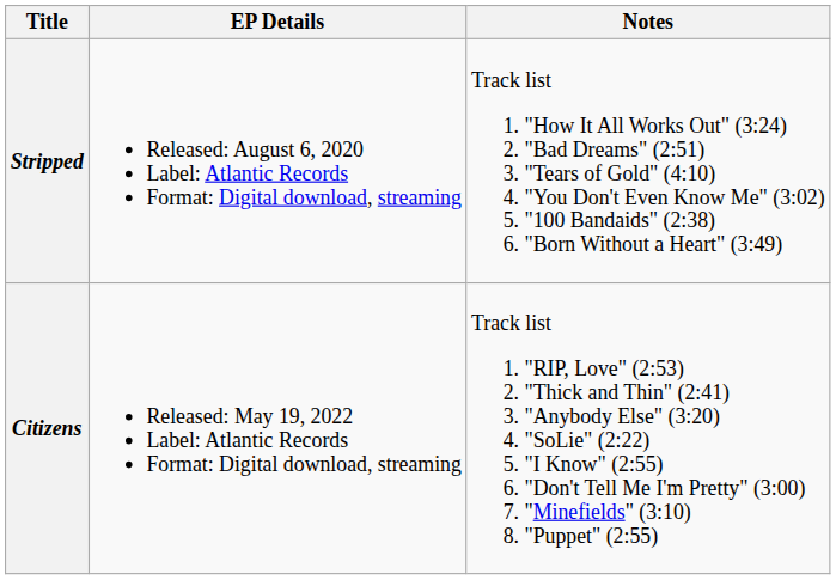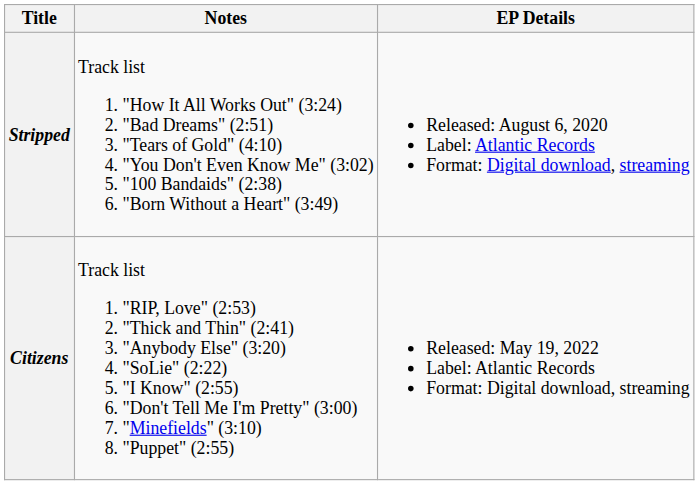 <table class="wikitable">
 <tr>
 <th>Title</th>
+<th>Notes</th>
 <th>EP Details</th>
-<th>Notes</th>
 </tr>
 <tr>
 <th scope="row"><em>Stripped</em></th>
+<td><br>Track list<ol><li>"How It All Works Out" (3:24)</li><li>"Bad Dreams" (2:51)</li><li>"Tears of Gold" (4:10)</li><li>"You Don't Even Know Me" (3:02)</li><li>"100 Bandaids" (2:38)</li><li>"Born Without a Heart" (3:49)</li></ol></td>
 <td><br><ul><li>Released: August 6, 2020</li><li>Label: <a href='#'>Atlantic Records</a></li><li>Format: <a href='#'>Digital download</a>, <a href='#'>streaming</a></li></ul></td>
-<td><br>Track list<ol><li>"How It All Works Out" (3:24)</li><li>"Bad Dreams" (2:51)</li><li>"Tears of Gold" (4:10)</li><li>"You Don't Even Know Me" (3:02)</li><li>"100 Bandaids" (2:38)</li><li>"Born Without a Heart" (3:49)</li></ol></td>
 </tr>
 <tr>
 <th scope="row"><em>Citizens</em></th>
+<td><br>Track list<ol><li>"RIP, Love" (2:53)</li><li>"Thick and Thin" (2:41)</li><li>"Anybody Else" (3:20)</li><li>"SoLie" (2:22)</li><li>"I Know" (2:55)</li><li>"Don't Tell Me I'm Pretty" (3:00)</li><li>"<a href='#'>Minefields</a>" (3:10)</li><li>"Puppet" (2:55)</li></ol></td>
 <td><br><ul><li>Released: May 19, 2022</li><li>Label: Atlantic Records</li><li>Format: Digital download, streaming</li></ul></td>
-<td><br>Track list<ol><li>"RIP, Love" (2:53)</li><li>"Thick and Thin" (2:41)</li><li>"Anybody Else" (3:20)</li><li>"SoLie" (2:22)</li><li>"I Know" (2:55)</li><li>"Don't Tell Me I'm Pretty" (3:00)</li><li>"<a href='#'>Minefields</a>" (3:10)</li><li>"Puppet" (2:55)</li></ol></td>
 </tr>
 </table>
